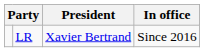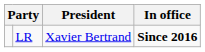 <table class="wikitable">
 <tr>
 <th colspan="2">Party</th>
 <th>President</th>
 <th>In office</th>
 </tr>
 <tr>
 <td></td>
 <td><a href='#'>LR</a></td>
 <td><a href='#'>Xavier Bertrand</a></td>
-<td>Since 2016</td>
+<td><strong>Since 2016</strong></td>
 </tr>
 </table>
